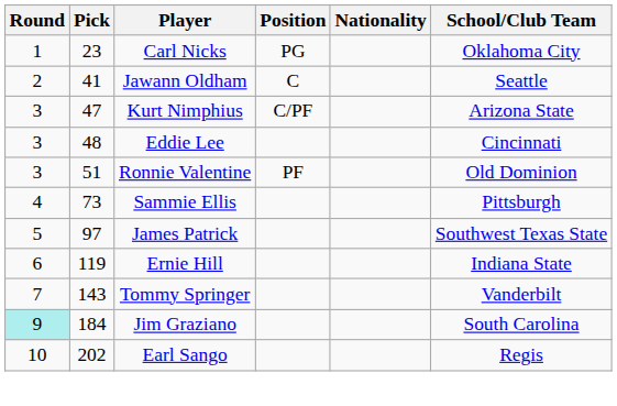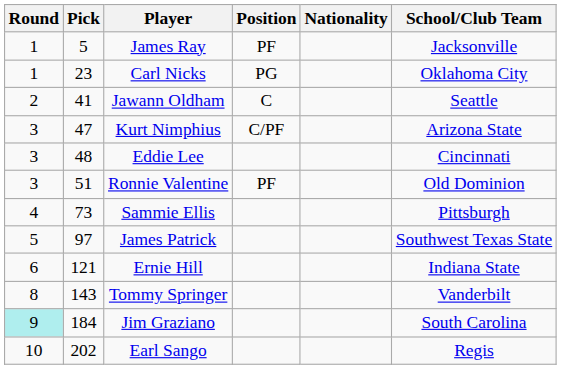 <table class="wikitable sortable sortable">
 <tr>
 <th>Round</th>
 <th>Pick</th>
 <th>Player</th>
 <th>Position</th>
 <th>Nationality</th>
 <th>School/Club Team</th>
+</tr>
+<tr style="text-align: center">
+<td>1</td>
+<td>5</td>
+<td><a href='#'>James Ray</a></td>
+<td>PF</td>
+<td></td>
+<td><a href='#'>Jacksonville</a></td>
 </tr>
 <tr style="text-align: center">
 <td>1</td>
 <td>23</td>
 <td><a href='#'>Carl Nicks</a></td>
 <td>PG</td>
 <td></td>
 <td><a href='#'>Oklahoma City</a></td>
 </tr>
 <tr style="text-align: center">
 <td>2</td>
 <td>41</td>
 <td><a href='#'>Jawann Oldham</a></td>
 <td>C</td>
 <td></td>
 <td><a href='#'>Seattle</a></td>
 </tr>
 <tr style="text-align: center">
 <td>3</td>
 <td>47</td>
 <td><a href='#'>Kurt Nimphius</a></td>
 <td>C/PF</td>
 <td></td>
 <td><a href='#'>Arizona State</a></td>
 </tr>
 <tr style="text-align: center">
 <td>3</td>
 <td>48</td>
 <td><a href='#'>Eddie Lee</a></td>
 <td></td>
 <td></td>
 <td><a href='#'>Cincinnati</a></td>
 </tr>
 <tr style="text-align: center">
 <td>3</td>
 <td>51</td>
 <td><a href='#'>Ronnie Valentine</a></td>
 <td>PF</td>
 <td></td>
 <td><a href='#'>Old Dominion</a></td>
 </tr>
 <tr style="text-align: center">
 <td>4</td>
 <td>73</td>
 <td><a href='#'>Sammie Ellis</a></td>
 <td></td>
 <td></td>
 <td><a href='#'>Pittsburgh</a></td>
 </tr>
 <tr style="text-align: center">
 <td>5</td>
 <td>97</td>
 <td><a href='#'>James Patrick</a></td>
 <td></td>
 <td></td>
 <td><a href='#'>Southwest Texas State</a></td>
 </tr>
 <tr style="text-align: center">
 <td>6</td>
-<td>119</td>
+<td>121</td>
 <td><a href='#'>Ernie Hill</a></td>
 <td></td>
 <td></td>
 <td><a href='#'>Indiana State</a></td>
 </tr>
 <tr style="text-align: center">
-<td>7</td>
+<td>8</td>
 <td>143</td>
 <td><a href='#'>Tommy Springer</a></td>
 <td></td>
 <td></td>
 <td><a href='#'>Vanderbilt</a></td>
 </tr>
 <tr style="text-align: center">
 <td style="background: paleturquoise;">9</td>
 <td>184</td>
 <td><a href='#'>Jim Graziano</a></td>
 <td></td>
 <td></td>
 <td><a href='#'>South Carolina</a></td>
 </tr>
 <tr style="text-align: center">
 <td>10</td>
 <td>202</td>
 <td><a href='#'>Earl Sango</a></td>
 <td></td>
 <td></td>
 <td><a href='#'>Regis</a></td>
 </tr>
 </table>
